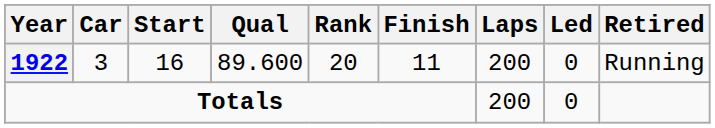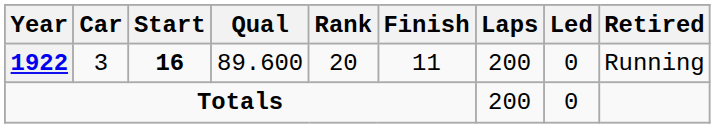 <table class="wikitable" style="text-align:center">
 <tr>
 <th>Year</th>
 <th>Car</th>
 <th>Start</th>
 <th>Qual</th>
 <th>Rank</th>
 <th>Finish</th>
 <th>Laps</th>
 <th>Led</th>
 <th>Retired</th>
 </tr>
 <tr>
 <th><a href='#'>1922</a></th>
 <td>3</td>
-<td>16</td>
+<td><strong>16</strong></td>
 <td>89.600</td>
 <td>20</td>
 <td>11</td>
 <td>200</td>
 <td>0</td>
 <td>Running</td>
 </tr>
 <tr>
 <td colspan=6><strong>Totals</strong></td>
 <td>200</td>
 <td>0</td>
 <td></td>
 </tr>
 </table>
